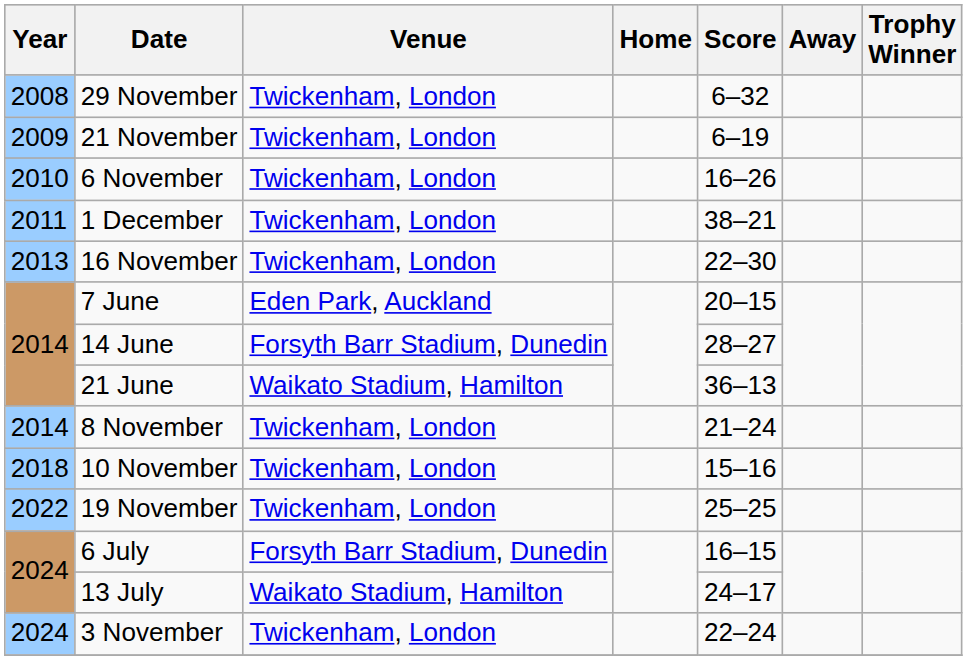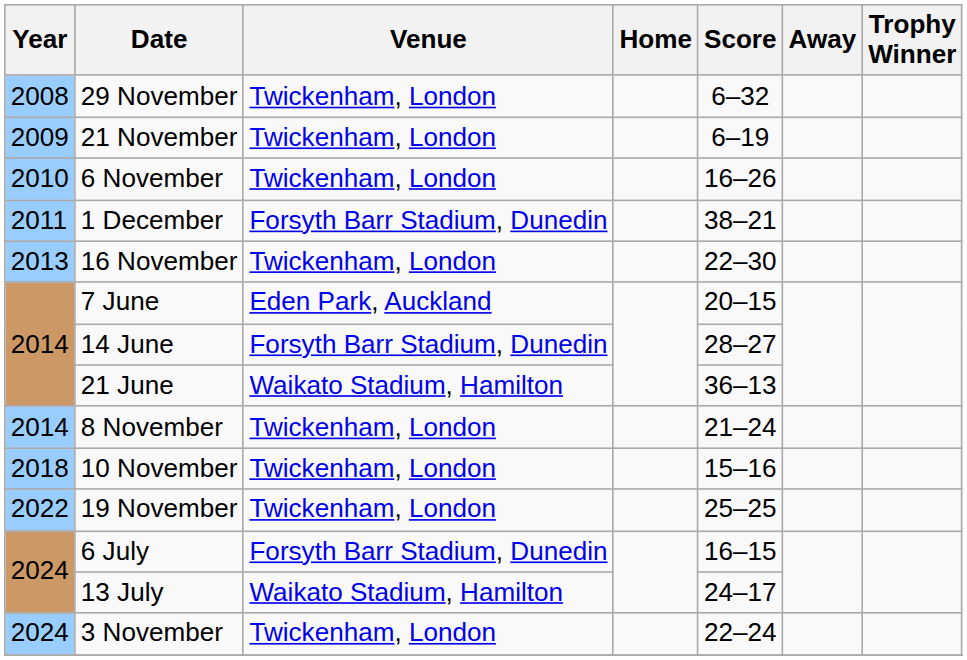 <table class=wikitable>
 <tr>
 <th>Year</th>
 <th>Date</th>
 <th>Venue</th>
 <th>Home</th>
 <th>Score</th>
 <th>Away</th>
 <th>Trophy<br>Winner</th>
 </tr>
 <tr>
 <td bgcolor=#9acdff>2008</td>
 <td>29 November</td>
 <td><a href='#'>Twickenham</a>, <a href='#'>London</a></td>
 <td align=right></td>
 <td align=center>6–32</td>
 <td></td>
 <td></td>
 </tr>
 <tr>
 <td bgcolor=#9acdff>2009</td>
 <td>21 November</td>
 <td><a href='#'>Twickenham</a>, <a href='#'>London</a></td>
 <td align=right></td>
 <td align=center>6–19</td>
 <td></td>
 <td></td>
 </tr>
 <tr>
 <td bgcolor=#9acdff>2010</td>
 <td>6 November</td>
 <td><a href='#'>Twickenham</a>, <a href='#'>London</a></td>
 <td align=right></td>
 <td align=center>16–26</td>
 <td></td>
 <td></td>
 </tr>
 <tr>
 <td bgcolor=#9acdff>2011</td>
 <td>1 December</td>
-<td><a href='#'>Twickenham</a>, <a href='#'>London</a></td>
+<td><a href='#'>Forsyth Barr Stadium</a>, <a href='#'>Dunedin</a></td>
 <td align=right></td>
 <td align=center>38–21</td>
 <td></td>
 <td></td>
 </tr>
 <tr>
 <td bgcolor=#9acdff>2013</td>
 <td>16 November</td>
 <td><a href='#'>Twickenham</a>, <a href='#'>London</a></td>
 <td align=right></td>
 <td align=center>22–30</td>
 <td></td>
 <td></td>
 </tr>
 <tr>
 <td rowspan=3 bgcolor=#cc9966>2014</td>
 <td>7 June</td>
 <td><a href='#'>Eden Park</a>, <a href='#'>Auckland</a></td>
 <td rowspan=3 align=right></td>
 <td align=center>20–15</td>
 <td rowspan=3></td>
 <td rowspan=3></td>
 </tr>
 <tr>
 <td>14 June</td>
 <td><a href='#'>Forsyth Barr Stadium</a>, <a href='#'>Dunedin</a></td>
 <td align="center">28–27</td>
 </tr>
 <tr>
 <td>21 June</td>
 <td><a href='#'>Waikato Stadium</a>, <a href='#'>Hamilton</a></td>
 <td align=center>36–13</td>
 </tr>
 <tr>
 <td bgcolor=#9acdff>2014</td>
 <td>8 November</td>
 <td><a href='#'>Twickenham</a>, <a href='#'>London</a></td>
 <td align=right></td>
 <td align=center>21–24</td>
 <td></td>
 <td></td>
 </tr>
 <tr>
 <td bgcolor=#9acdff>2018</td>
 <td>10 November</td>
 <td><a href='#'>Twickenham</a>, <a href='#'>London</a></td>
 <td align=right></td>
 <td align=center>15–16</td>
 <td></td>
 <td></td>
 </tr>
 <tr>
 <td bgcolor=#9acdff>2022</td>
 <td>19 November</td>
 <td><a href='#'>Twickenham</a>, <a href='#'>London</a></td>
 <td align=right></td>
 <td align=center>25–25</td>
 <td></td>
 <td></td>
 </tr>
 <tr>
 <td rowspan=2 bgcolor=#cc9966>2024</td>
 <td>6 July</td>
 <td><a href='#'>Forsyth Barr Stadium</a>, <a href='#'>Dunedin</a></td>
 <td rowspan=2 align=right></td>
 <td align=center>16–15</td>
 <td rowspan=2></td>
 <td rowspan=2></td>
 </tr>
 <tr>
 <td>13 July</td>
 <td><a href='#'>Waikato Stadium</a>, <a href='#'>Hamilton</a></td>
 <td align=center>24–17</td>
 </tr>
 <tr>
 <td bgcolor=#9acdff>2024</td>
 <td>3 November</td>
 <td><a href='#'>Twickenham</a>, <a href='#'>London</a></td>
 <td align=right></td>
 <td align=center>22–24</td>
 <td></td>
 <td></td>
 </tr>
 <tr>
 </tr>
 </table>
